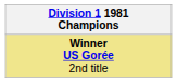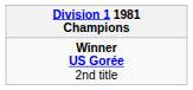 <table class="wikitable" style="margin: 0 auto; width: 240px;">
 <tr>
 <th><a href='#'>Division 1</a> 1981<br>Champions</th>
 </tr>
 <tr>
-<td align=center style="background: khaki;"><strong>Winner</strong><br><strong><a href='#'>US Gorée</a></strong><br>2nd title</td>
+<td align=center><strong>Winner</strong><br><strong><a href='#'>US Gorée</a></strong><br>2nd title</td>
 </tr>
 </table>
